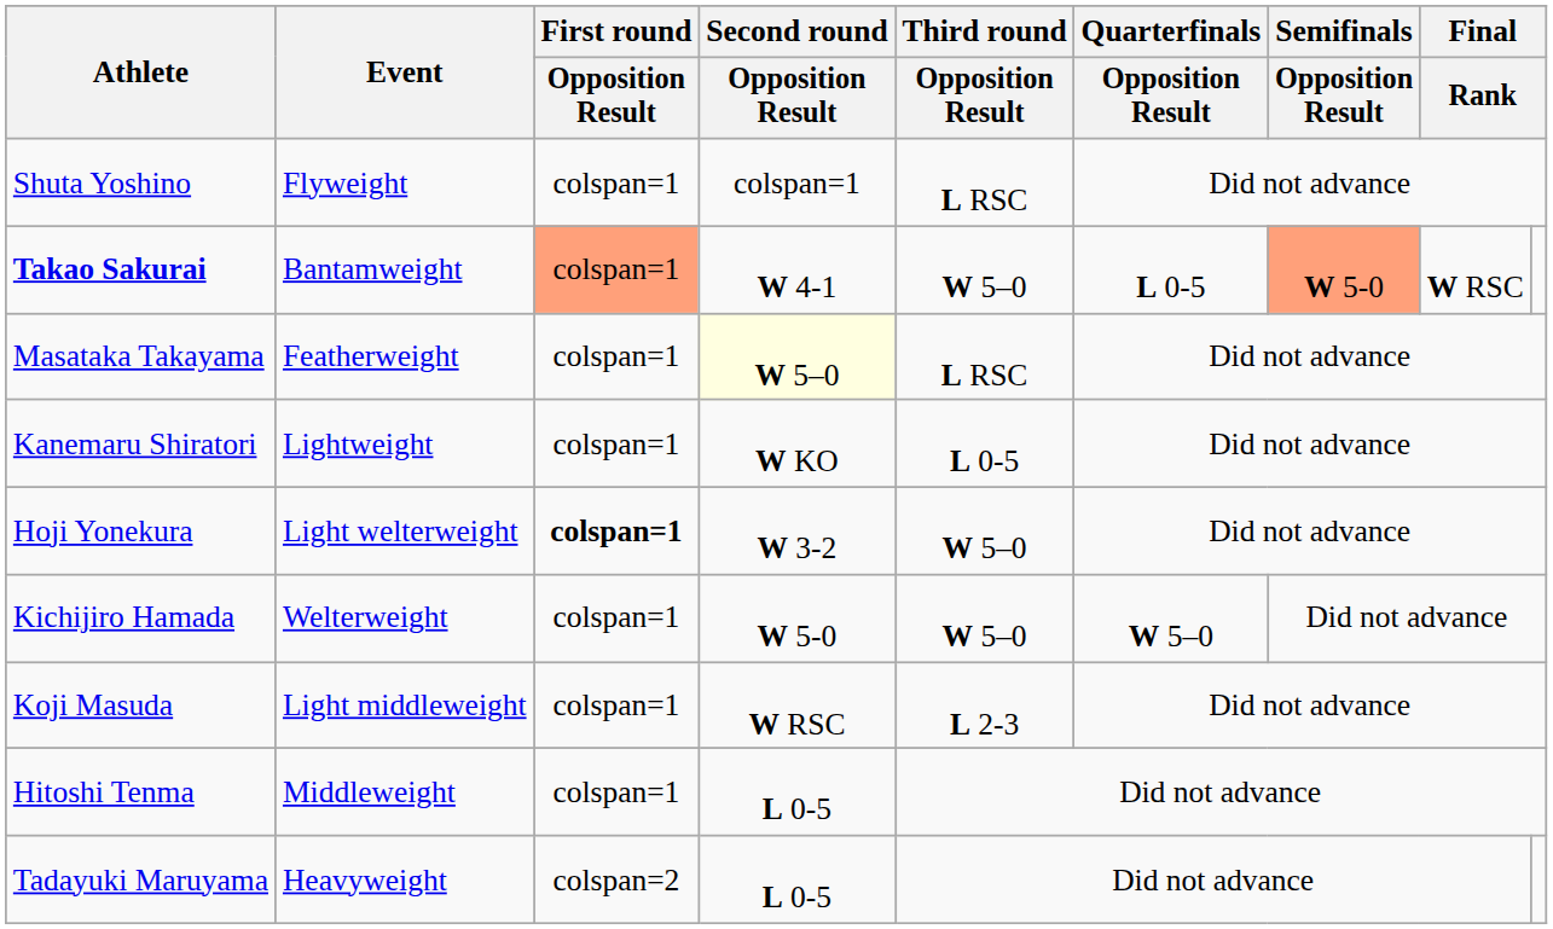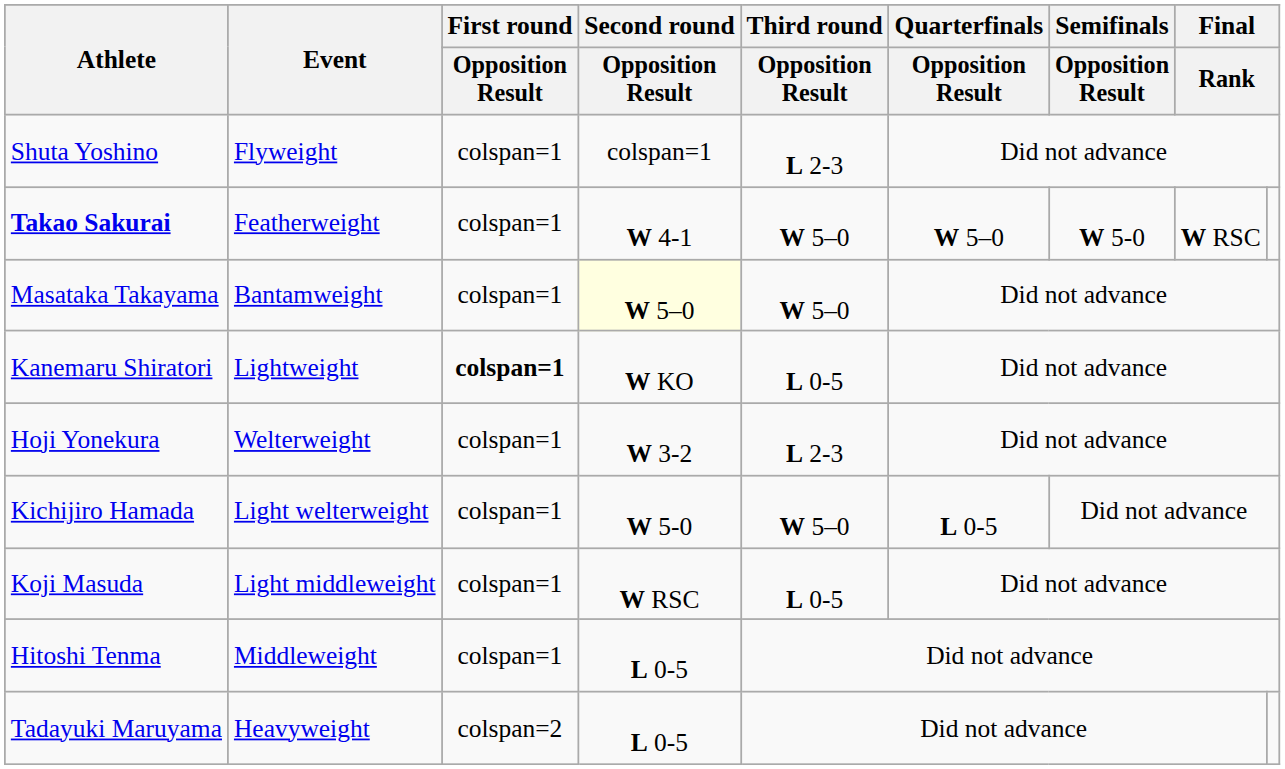 <table class="wikitable" style="font-size:90%">
 <tr>
 <th rowspan="2">Athlete</th>
 <th rowspan="2">Event</th>
 <th>First round</th>
 <th>Second round</th>
 <th>Third round</th>
 <th>Quarterfinals</th>
 <th>Semifinals</th>
 <th colspan=2>Final</th>
 </tr>
 <tr style="font-size:95%">
 <th>Opposition<br>Result</th>
 <th>Opposition<br>Result</th>
 <th>Opposition<br>Result</th>
 <th>Opposition<br>Result</th>
 <th>Opposition<br>Result</th>
 <th colspan=2>Rank</th>
 </tr>
 <tr align=center>
 <td align=left><a href='#'>Shuta Yoshino</a></td>
 <td align=left><a href='#'>Flyweight</a></td>
 <td>colspan=1 </td>
 <td>colspan=1 </td>
-<td><br><strong>L</strong> RSC</td>
+<td><br><strong>L</strong> 2-3</td>
 <td colspan=4>Did not advance</td>
 </tr>
 <tr align=center>
 <td align=left><strong><a href='#'>Takao Sakurai</a></strong></td>
-<td align=left><a href='#'>Bantamweight</a></td>
-<td style="background: lightsalmon;">colspan=1 </td>
+<td align=left><a href='#'>Featherweight</a></td>
+<td>colspan=1 </td>
 <td><br><strong>W</strong> 4-1</td>
 <td><br><strong>W</strong> 5–0</td>
-<td><br><strong>L</strong> 0-5</td>
-<td style="background: lightsalmon;"><br><strong>W</strong> 5-0</td>
+<td><br><strong>W</strong> 5–0</td>
+<td><br><strong>W</strong> 5-0</td>
 <td><br><strong>W</strong> RSC</td>
 <td></td>
 </tr>
 <tr align=center>
 <td align=left><a href='#'>Masataka Takayama</a></td>
-<td align=left><a href='#'>Featherweight</a></td>
+<td align=left><a href='#'>Bantamweight</a></td>
 <td>colspan=1 </td>
 <td style="background: lightyellow;"><br><strong>W</strong> 5–0</td>
-<td><br><strong>L</strong> RSC</td>
+<td><br><strong>W</strong> 5–0</td>
 <td colspan=4>Did not advance</td>
 </tr>
 <tr align=center>
 <td align=left><a href='#'>Kanemaru Shiratori</a></td>
 <td align=left><a href='#'>Lightweight</a></td>
-<td>colspan=1 </td>
+<td><strong>colspan=1 </strong></td>
 <td><br><strong>W</strong> KO</td>
 <td><br><strong>L</strong> 0-5</td>
 <td colspan=5>Did not advance</td>
 </tr>
 <tr align=center>
 <td align=left><a href='#'>Hoji Yonekura</a></td>
-<td align=left><a href='#'>Light welterweight</a></td>
-<td><strong>colspan=1 </strong></td>
+<td align=left><a href='#'>Welterweight</a></td>
+<td>colspan=1 </td>
 <td><br><strong>W</strong> 3-2</td>
-<td><br><strong>W</strong> 5–0</td>
+<td><br><strong>L</strong> 2-3</td>
 <td colspan=5>Did not advance</td>
 </tr>
 <tr align=center>
 <td align=left><a href='#'>Kichijiro Hamada</a></td>
-<td align=left><a href='#'>Welterweight</a></td>
+<td align=left><a href='#'>Light welterweight</a></td>
 <td>colspan=1 </td>
 <td><br><strong>W</strong> 5-0</td>
 <td><br><strong>W</strong> 5–0</td>
-<td><br><strong>W</strong> 5–0</td>
+<td><br><strong>L</strong> 0-5</td>
 <td colspan=3>Did not advance</td>
 </tr>
 <tr align=center>
 <td align=left><a href='#'>Koji Masuda</a></td>
 <td align=left><a href='#'>Light middleweight</a></td>
 <td>colspan=1 </td>
 <td><br><strong>W</strong> RSC</td>
-<td><br><strong>L</strong> 2-3</td>
+<td><br><strong>L</strong> 0-5</td>
 <td colspan=4>Did not advance</td>
 </tr>
 <tr align=center>
 <td align=left><a href='#'>Hitoshi Tenma</a></td>
 <td align=left><a href='#'>Middleweight</a></td>
 <td>colspan=1 </td>
 <td><br><strong>L</strong> 0-5</td>
 <td colspan=5>Did not advance</td>
 </tr>
 <tr align=center>
 <td align=left><a href='#'>Tadayuki Maruyama</a></td>
 <td align=left><a href='#'>Heavyweight</a></td>
 <td>colspan=2 </td>
 <td><br><strong>L</strong> 0-5</td>
 <td colspan=4>Did not advance</td>
 </tr>
 </table>
